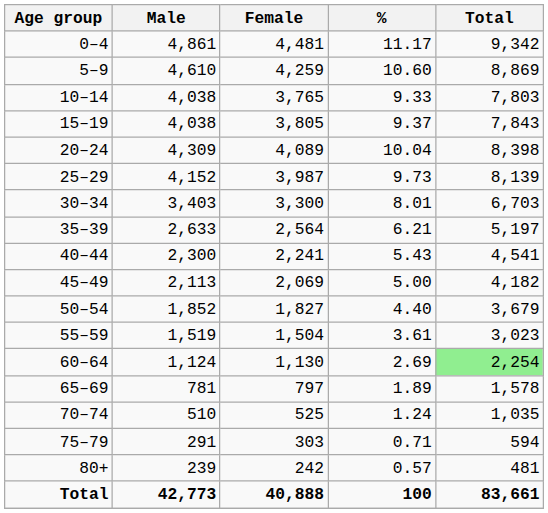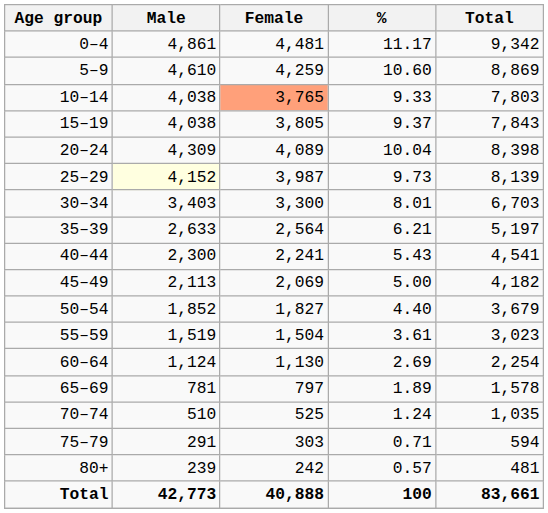 <table class="wikitable">
 <tr>
 <th width="80pt">Age group</th>
 <th width="80pt">Male</th>
 <th width="80pt">Female</th>
 <th width="80pt">%</th>
 <th width="80pt">Total</th>
 </tr>
 <tr>
 <td align="right">0–4</td>
 <td align="right">4,861</td>
 <td align="right">4,481</td>
 <td align="right">11.17</td>
 <td align="right">9,342</td>
 </tr>
 <tr>
 <td align="right">5–9</td>
 <td align="right">4,610</td>
 <td align="right">4,259</td>
 <td align="right">10.60</td>
 <td align="right">8,869</td>
 </tr>
 <tr>
 <td align="right">10–14</td>
 <td align="right">4,038</td>
-<td align="right">3,765</td>
+<td align="right" style="background: lightsalmon;">3,765</td>
 <td align="right">9.33</td>
 <td align="right">7,803</td>
 </tr>
 <tr>
 <td align="right">15–19</td>
 <td align="right">4,038</td>
 <td align="right">3,805</td>
 <td align="right">9.37</td>
 <td align="right">7,843</td>
 </tr>
 <tr>
 <td align="right">20–24</td>
 <td align="right">4,309</td>
 <td align="right">4,089</td>
 <td align="right">10.04</td>
 <td align="right">8,398</td>
 </tr>
 <tr>
 <td align="right">25–29</td>
-<td align="right">4,152</td>
+<td align="right" style="background: lightyellow;">4,152</td>
 <td align="right">3,987</td>
 <td align="right">9.73</td>
 <td align="right">8,139</td>
 </tr>
 <tr>
 <td align="right">30–34</td>
 <td align="right">3,403</td>
 <td align="right">3,300</td>
 <td align="right">8.01</td>
 <td align="right">6,703</td>
 </tr>
 <tr>
 <td align="right">35–39</td>
 <td align="right">2,633</td>
 <td align="right">2,564</td>
 <td align="right">6.21</td>
 <td align="right">5,197</td>
 </tr>
 <tr>
 <td align="right">40–44</td>
 <td align="right">2,300</td>
 <td align="right">2,241</td>
 <td align="right">5.43</td>
 <td align="right">4,541</td>
 </tr>
 <tr>
 <td align="right">45–49</td>
 <td align="right">2,113</td>
 <td align="right">2,069</td>
 <td align="right">5.00</td>
 <td align="right">4,182</td>
 </tr>
 <tr>
 <td align="right">50–54</td>
 <td align="right">1,852</td>
 <td align="right">1,827</td>
 <td align="right">4.40</td>
 <td align="right">3,679</td>
 </tr>
 <tr>
 <td align="right">55–59</td>
 <td align="right">1,519</td>
 <td align="right">1,504</td>
 <td align="right">3.61</td>
 <td align="right">3,023</td>
 </tr>
 <tr>
 <td align="right">60–64</td>
 <td align="right">1,124</td>
 <td align="right">1,130</td>
 <td align="right">2.69</td>
-<td align="right" style="background: lightgreen;">2,254</td>
+<td align="right">2,254</td>
 </tr>
 <tr>
 <td align="right">65–69</td>
 <td align="right">781</td>
 <td align="right">797</td>
 <td align="right">1.89</td>
 <td align="right">1,578</td>
 </tr>
 <tr>
 <td align="right">70–74</td>
 <td align="right">510</td>
 <td align="right">525</td>
 <td align="right">1.24</td>
 <td align="right">1,035</td>
 </tr>
 <tr>
 <td align="right">75–79</td>
 <td align="right">291</td>
 <td align="right">303</td>
 <td align="right">0.71</td>
 <td align="right">594</td>
 </tr>
 <tr>
 <td align="right">80+</td>
 <td align="right">239</td>
 <td align="right">242</td>
 <td align="right">0.57</td>
 <td align="right">481</td>
 </tr>
 <tr>
 <td align="right"><strong>Total</strong></td>
 <td align="right"><strong>42,773</strong></td>
 <td align="right"><strong>40,888</strong></td>
 <td align="right"><strong>100</strong></td>
 <td align="right"><strong>83,661</strong></td>
 </tr>
 <tr>
 </tr>
 </table>
